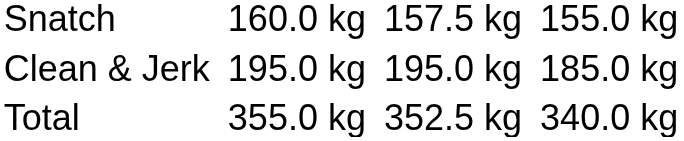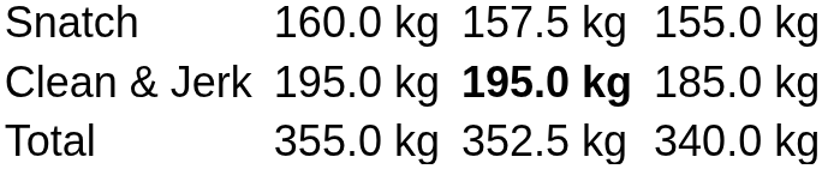 <table>
 <tr>
 <td>Snatch</td>
 <td></td>
 <td>160.0 kg</td>
 <td></td>
 <td>157.5 kg</td>
 <td></td>
 <td>155.0 kg</td>
 </tr>
 <tr>
 <td>Clean & Jerk</td>
 <td></td>
 <td>195.0 kg</td>
 <td></td>
-<td>195.0 kg</td>
+<td><strong>195.0 kg</strong></td>
 <td></td>
 <td>185.0 kg</td>
 </tr>
 <tr>
 <td>Total</td>
 <td></td>
 <td>355.0 kg</td>
 <td></td>
 <td>352.5 kg</td>
 <td></td>
 <td>340.0 kg</td>
 </tr>
 </table>
